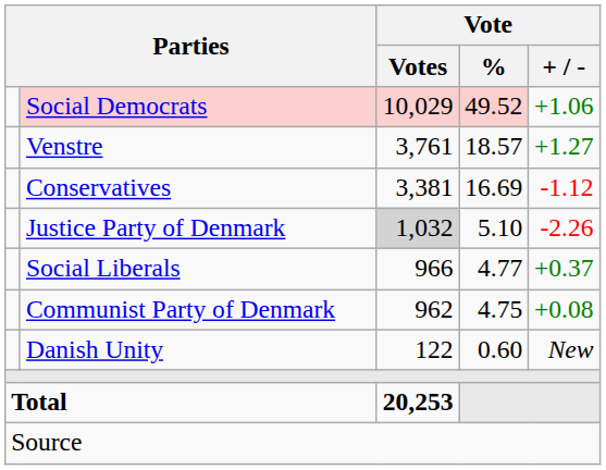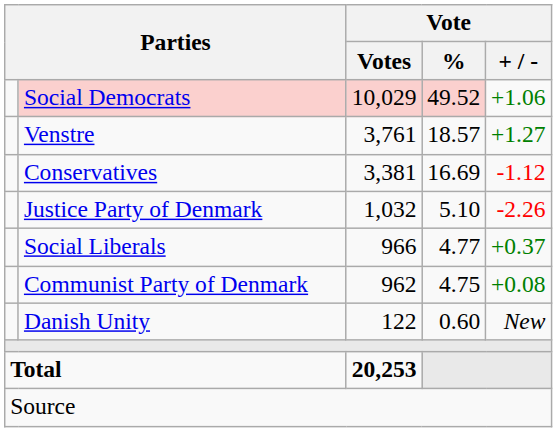 <table class="wikitable" style="text-align:right;">
 <tr>
 <th style="text-align:centre;" rowspan="2" colspan="2" width="225">Parties</th>
 <th colspan="3">Vote</th>
 </tr>
 <tr>
 <th width="15">Votes</th>
 <th width="15">%</th>
 <th width="15">+ / -</th>
 </tr>
 <tr>
 <td width="2" style="color:inherit;background:"></td>
 <td bgcolor=#fbd0ce  align="left"><a href='#'>Social Democrats</a></td>
 <td bgcolor=#fbd0ce>10,029</td>
 <td bgcolor=#fbd0ce>49.52</td>
 <td style=color:green;>+1.06</td>
 </tr>
 <tr>
 <td width="2" style="color:inherit;background:"></td>
 <td align="left"><a href='#'>Venstre</a></td>
 <td>3,761</td>
 <td>18.57</td>
 <td style=color:green;>+1.27</td>
 </tr>
 <tr>
 <td width="2" style="color:inherit;background:"></td>
 <td align="left"><a href='#'>Conservatives</a></td>
 <td>3,381</td>
 <td>16.69</td>
 <td style=color:red;>-1.12</td>
 </tr>
 <tr>
 <td width="2" style="color:inherit;background:"></td>
 <td align="left"><a href='#'>Justice Party of Denmark</a></td>
-<td style="background: lightgrey;">1,032</td>
+<td>1,032</td>
 <td>5.10</td>
 <td style=color:red;>-2.26</td>
 </tr>
 <tr>
 <td width="2" style="color:inherit;background:"></td>
 <td align="left"><a href='#'>Social Liberals</a></td>
 <td>966</td>
 <td>4.77</td>
 <td style=color:green;>+0.37</td>
 </tr>
 <tr>
 <td width="2" style="color:inherit;background:"></td>
 <td align="left"><a href='#'>Communist Party of Denmark</a></td>
 <td>962</td>
 <td>4.75</td>
 <td style=color:green;>+0.08</td>
 </tr>
 <tr>
 <td width="2" style="color:inherit;background:"></td>
 <td align="left"><a href='#'>Danish Unity</a></td>
 <td>122</td>
 <td>0.60</td>
 <td><em>New</em></td>
 </tr>
 <tr>
 <td colspan="7" bgcolor="#E9E9E9"></td>
 </tr>
 <tr>
 <td align="left" colspan="2"><strong>Total</strong></td>
 <td><strong>20,253</strong></td>
 <td bgcolor="#E9E9E9" colspan="2"></td>
 </tr>
 <tr>
 <td align="left" colspan="6">Source</td>
 </tr>
 </table>
